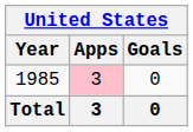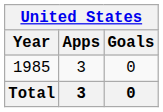 <table class="wikitable" style="text-align:center">
 <tr>
 <th colspan=3><a href='#'>United States</a></th>
 </tr>
 <tr>
 <th>Year</th>
 <th>Apps</th>
 <th>Goals</th>
 </tr>
 <tr>
 <td>1985</td>
-<td style="background: pink;">3</td>
+<td>3</td>
 <td>0</td>
 </tr>
 <tr>
 <th>Total</th>
 <th>3</th>
 <th>0</th>
 </tr>
 </table>
